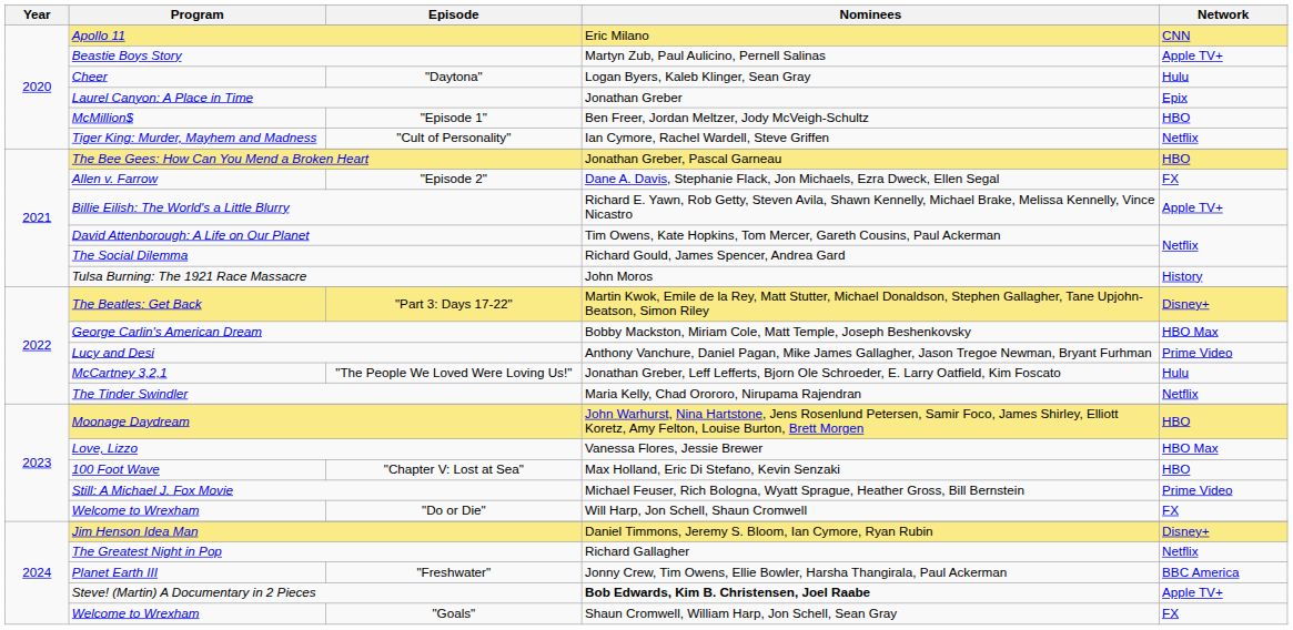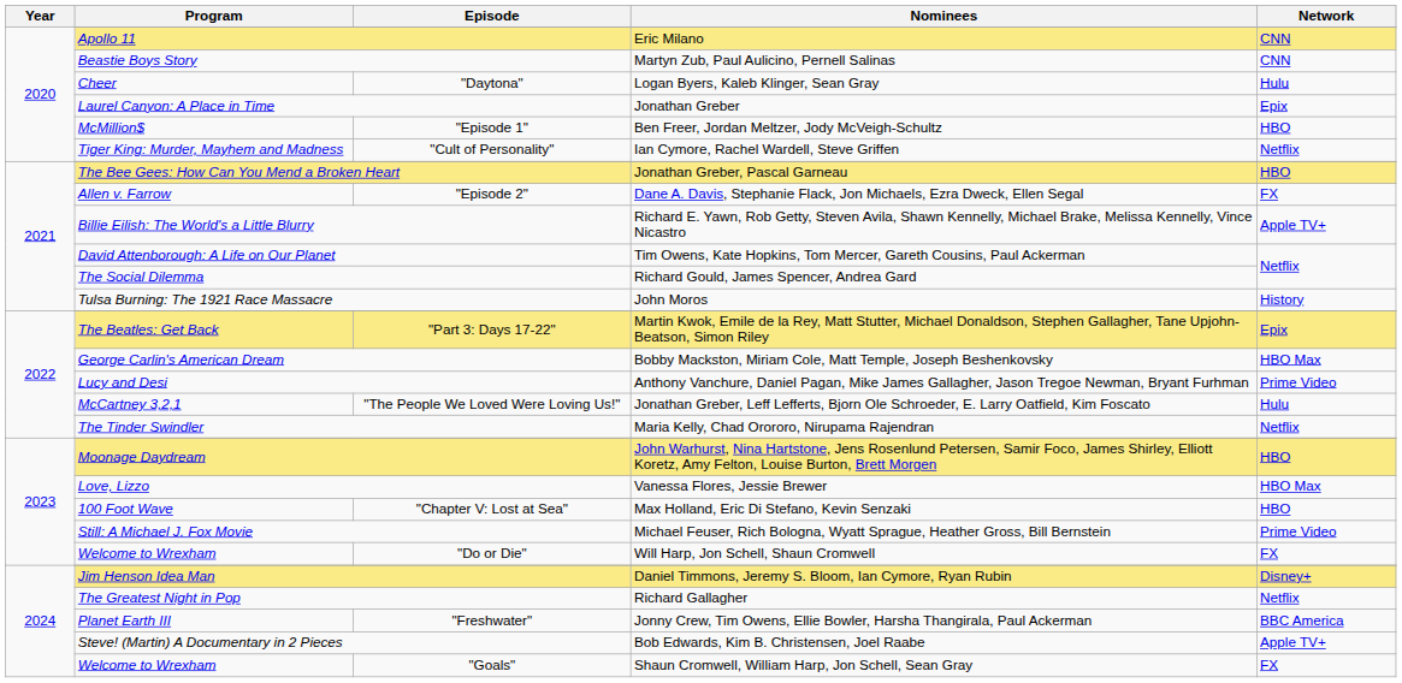 <table class="wikitable" style="width:100%">
 <tr style="background:#bebebe;">
 <th style="width:5%;">Year</th>
 <th style="width:20%;">Program</th>
 <th style="width:20%;">Episode</th>
 <th style="width:45%;">Nominees</th>
 <th style="width:10%;">Network</th>
 </tr>
 <tr>
 <td rowspan=7 style="text-align:center;"><a href='#'>2020</a><br></td>
 </tr>
 <tr style="background:#FAEB86;">
 <td colspan="2"><em><a href='#'>Apollo 11</a></em></td>
 <td>Eric Milano</td>
 <td><a href='#'>CNN</a></td>
 </tr>
 <tr>
 <td colspan="2"><em><a href='#'>Beastie Boys Story</a></em></td>
 <td>Martyn Zub, Paul Aulicino, Pernell Salinas</td>
-<td><a href='#'>Apple TV+</a></td>
+<td><a href='#'>CNN</a></td>
 </tr>
 <tr>
 <td><em><a href='#'>Cheer</a></em></td>
 <td align=center>"Daytona"</td>
 <td>Logan Byers, Kaleb Klinger, Sean Gray</td>
 <td><a href='#'>Hulu</a></td>
 </tr>
 <tr>
 <td colspan="2"><em><a href='#'>Laurel Canyon: A Place in Time</a></em></td>
 <td>Jonathan Greber</td>
 <td><a href='#'>Epix</a></td>
 </tr>
 <tr>
 <td><em><a href='#'>McMillion$</a></em></td>
 <td align=center>"Episode 1"</td>
 <td>Ben Freer, Jordan Meltzer, Jody McVeigh-Schultz</td>
 <td><a href='#'>HBO</a></td>
 </tr>
 <tr>
 <td><em><a href='#'>Tiger King: Murder, Mayhem and Madness</a></em></td>
 <td align=center>"Cult of Personality"</td>
 <td>Ian Cymore, Rachel Wardell, Steve Griffen</td>
 <td><a href='#'>Netflix</a></td>
 </tr>
 <tr>
 <td rowspan=7 style="text-align:center;"><a href='#'>2021</a><br></td>
 </tr>
 <tr style="background:#FAEB86;">
 <td colspan="2"><em><a href='#'>The Bee Gees: How Can You Mend a Broken Heart</a></em></td>
 <td>Jonathan Greber, Pascal Garneau</td>
 <td><a href='#'>HBO</a></td>
 </tr>
 <tr>
 <td><em><a href='#'>Allen v. Farrow</a></em></td>
 <td align=center>"Episode 2"</td>
 <td><a href='#'>Dane A. Davis</a>, Stephanie Flack, Jon Michaels, Ezra Dweck, Ellen Segal</td>
 <td><a href='#'>FX</a></td>
 </tr>
 <tr>
 <td colspan="2"><em><a href='#'>Billie Eilish: The World's a Little Blurry</a></em></td>
 <td>Richard E. Yawn, Rob Getty, Steven Avila, Shawn Kennelly, Michael Brake, Melissa Kennelly, Vince Nicastro</td>
 <td><a href='#'>Apple TV+</a></td>
 </tr>
 <tr>
 <td colspan="2"><em><a href='#'>David Attenborough: A Life on Our Planet</a></em></td>
 <td>Tim Owens, Kate Hopkins, Tom Mercer, Gareth Cousins, Paul Ackerman</td>
 <td rowspan=2><a href='#'>Netflix</a></td>
 </tr>
 <tr>
 <td colspan="2"><em><a href='#'>The Social Dilemma</a></em></td>
 <td>Richard Gould, James Spencer, Andrea Gard</td>
 </tr>
 <tr>
 <td colspan="2"><em>Tulsa Burning: The 1921 Race Massacre</em></td>
 <td>John Moros</td>
 <td><a href='#'>History</a></td>
 </tr>
 <tr>
 <td rowspan=6 style="text-align:center;"><a href='#'>2022</a><br></td>
 </tr>
 <tr style="background:#FAEB86;">
 <td><em><a href='#'>The Beatles: Get Back</a></em></td>
 <td align=center>"Part 3: Days 17-22"</td>
 <td>Martin Kwok, Emile de la Rey, Matt Stutter, Michael Donaldson, Stephen Gallagher, Tane Upjohn-Beatson, Simon Riley</td>
-<td><a href='#'>Disney+</a></td>
+<td><a href='#'>Epix</a></td>
 </tr>
 <tr>
 <td colspan=2><em><a href='#'>George Carlin's American Dream</a></em></td>
 <td>Bobby Mackston, Miriam Cole, Matt Temple, Joseph Beshenkovsky</td>
 <td><a href='#'>HBO Max</a></td>
 </tr>
 <tr>
 <td colspan=2><em><a href='#'>Lucy and Desi</a></em></td>
 <td>Anthony Vanchure, Daniel Pagan, Mike James Gallagher, Jason Tregoe Newman, Bryant Furhman</td>
 <td><a href='#'>Prime Video</a></td>
 </tr>
 <tr>
 <td><em><a href='#'>McCartney 3,2,1</a></em></td>
 <td align=center>"The People We Loved Were Loving Us!"</td>
 <td>Jonathan Greber, Leff Lefferts, Bjorn Ole Schroeder, E. Larry Oatfield, Kim Foscato</td>
 <td><a href='#'>Hulu</a></td>
 </tr>
 <tr>
 <td colspan=2><em><a href='#'>The Tinder Swindler</a></em></td>
 <td>Maria Kelly, Chad Orororo, Nirupama Rajendran</td>
 <td><a href='#'>Netflix</a></td>
 </tr>
 <tr>
 <td rowspan=6 style="text-align:center;"><a href='#'>2023</a><br></td>
 </tr>
 <tr style="background:#FAEB86;">
 <td colspan="2"><em><a href='#'>Moonage Daydream</a></em></td>
 <td><a href='#'>John Warhurst</a>, <a href='#'>Nina Hartstone</a>, Jens Rosenlund Petersen, Samir Foco, James Shirley, Elliott Koretz, Amy Felton, Louise Burton, <a href='#'>Brett Morgen</a></td>
 <td><a href='#'>HBO</a></td>
 </tr>
 <tr>
 <td colspan="2"><em><a href='#'>Love, Lizzo</a></em></td>
 <td>Vanessa Flores, Jessie Brewer</td>
 <td><a href='#'>HBO Max</a></td>
 </tr>
 <tr>
 <td><em><a href='#'>100 Foot Wave</a></em></td>
 <td align=center>"Chapter V: Lost at Sea"</td>
 <td>Max Holland, Eric Di Stefano, Kevin Senzaki</td>
 <td><a href='#'>HBO</a></td>
 </tr>
 <tr>
 <td colspan="2"><em><a href='#'>Still: A Michael J. Fox Movie</a></em></td>
 <td>Michael Feuser, Rich Bologna, Wyatt Sprague, Heather Gross, Bill Bernstein</td>
 <td><a href='#'>Prime Video</a></td>
 </tr>
 <tr>
 <td><em><a href='#'>Welcome to Wrexham</a></em></td>
 <td align=center>"Do or Die"</td>
 <td>Will Harp, Jon Schell, Shaun Cromwell</td>
 <td><a href='#'>FX</a></td>
 </tr>
 <tr>
 <td rowspan=6 style="text-align:center;"><a href='#'>2024</a><br></td>
 </tr>
 <tr style="background:#FAEB86;">
 <td colspan="2"><em><a href='#'>Jim Henson Idea Man</a></em></td>
 <td>Daniel Timmons, Jeremy S. Bloom, Ian Cymore, Ryan Rubin</td>
 <td><a href='#'>Disney+</a></td>
 </tr>
 <tr>
 <td colspan="2"><em><a href='#'>The Greatest Night in Pop</a></em></td>
 <td>Richard Gallagher</td>
 <td><a href='#'>Netflix</a></td>
 </tr>
 <tr>
 <td><em><a href='#'>Planet Earth III</a></em></td>
 <td align=center>"Freshwater"</td>
 <td>Jonny Crew, Tim Owens, Ellie Bowler, Harsha Thangirala, Paul Ackerman</td>
 <td><a href='#'>BBC America</a></td>
 </tr>
 <tr>
 <td colspan="2"><em>Steve! (Martin) A Documentary in 2 Pieces</em></td>
-<td><strong>Bob Edwards, Kim B. Christensen, Joel Raabe</strong></td>
+<td>Bob Edwards, Kim B. Christensen, Joel Raabe</td>
 <td><a href='#'>Apple TV+</a></td>
 </tr>
 <tr>
 <td><em><a href='#'>Welcome to Wrexham</a></em></td>
 <td align=center>"Goals"</td>
 <td>Shaun Cromwell, William Harp, Jon Schell, Sean Gray</td>
 <td><a href='#'>FX</a></td>
 </tr>
 </table>
